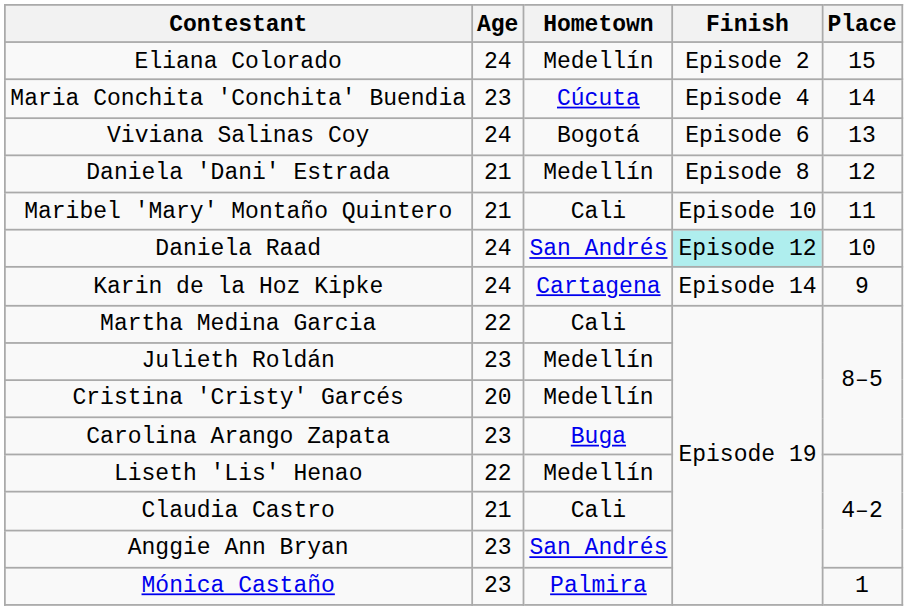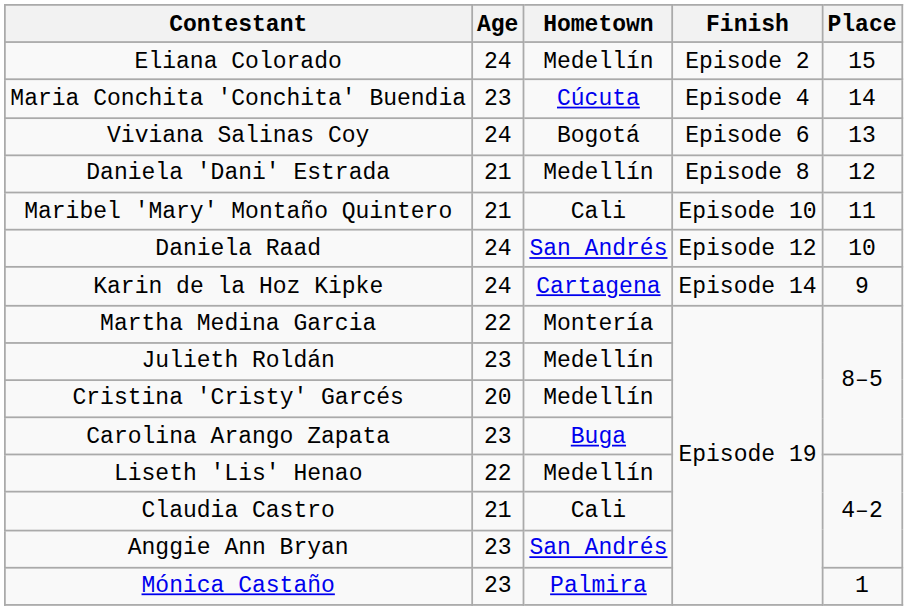 <table class="wikitable sortable" style="text-align:center;">
 <tr>
 <th>Contestant</th>
 <th>Age</th>
 <th>Hometown</th>
 <th>Finish</th>
 <th>Place</th>
 </tr>
 <tr>
 <td>Eliana Colorado</td>
 <td>24</td>
 <td>Medellín</td>
 <td>Episode 2</td>
 <td>15</td>
 </tr>
 <tr>
 <td>Maria Conchita 'Conchita' Buendia</td>
 <td>23</td>
 <td><a href='#'>Cúcuta</a></td>
 <td>Episode 4</td>
 <td>14</td>
 </tr>
 <tr>
 <td>Viviana Salinas Coy</td>
 <td>24</td>
 <td>Bogotá</td>
 <td>Episode 6</td>
 <td>13</td>
 </tr>
 <tr>
 <td>Daniela 'Dani' Estrada</td>
 <td>21</td>
 <td>Medellín</td>
 <td>Episode 8</td>
 <td>12</td>
 </tr>
 <tr>
 <td>Maribel 'Mary' Montaño Quintero</td>
 <td>21</td>
 <td>Cali</td>
 <td>Episode 10</td>
 <td>11</td>
 </tr>
 <tr>
 <td>Daniela Raad</td>
 <td>24</td>
 <td><a href='#'>San Andrés</a></td>
-<td style="background: paleturquoise;">Episode 12</td>
+<td>Episode 12</td>
 <td>10</td>
 </tr>
 <tr>
 <td>Karin de la Hoz Kipke</td>
 <td>24</td>
 <td><a href='#'>Cartagena</a></td>
 <td>Episode 14</td>
 <td>9</td>
 </tr>
 <tr>
 <td>Martha Medina Garcia</td>
 <td>22</td>
-<td>Cali</td>
+<td>Montería</td>
 <td rowspan="8">Episode 19</td>
 <td rowspan="4">8–5</td>
 </tr>
 <tr>
 <td>Julieth Roldán</td>
 <td>23</td>
 <td>Medellín</td>
 </tr>
 <tr>
 <td>Cristina 'Cristy' Garcés</td>
 <td>20</td>
 <td>Medellín</td>
 </tr>
 <tr>
 <td>Carolina Arango Zapata</td>
 <td>23</td>
 <td><a href='#'>Buga</a></td>
 </tr>
 <tr>
 <td>Liseth 'Lis' Henao</td>
 <td>22</td>
 <td>Medellín</td>
 <td rowspan="3">4–2</td>
 </tr>
 <tr>
 <td>Claudia Castro</td>
 <td>21</td>
 <td>Cali</td>
 </tr>
 <tr>
 <td>Anggie Ann Bryan</td>
 <td>23</td>
 <td><a href='#'>San Andrés</a></td>
 </tr>
 <tr>
 <td><a href='#'>Mónica Castaño</a></td>
 <td>23</td>
 <td><a href='#'>Palmira</a></td>
 <td>1</td>
 </tr>
 </table>
